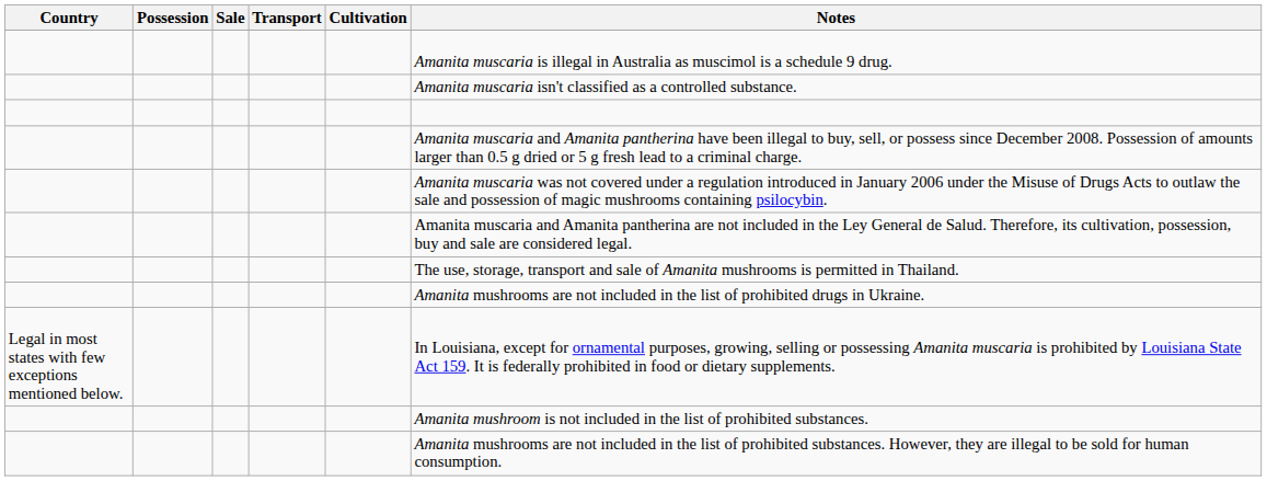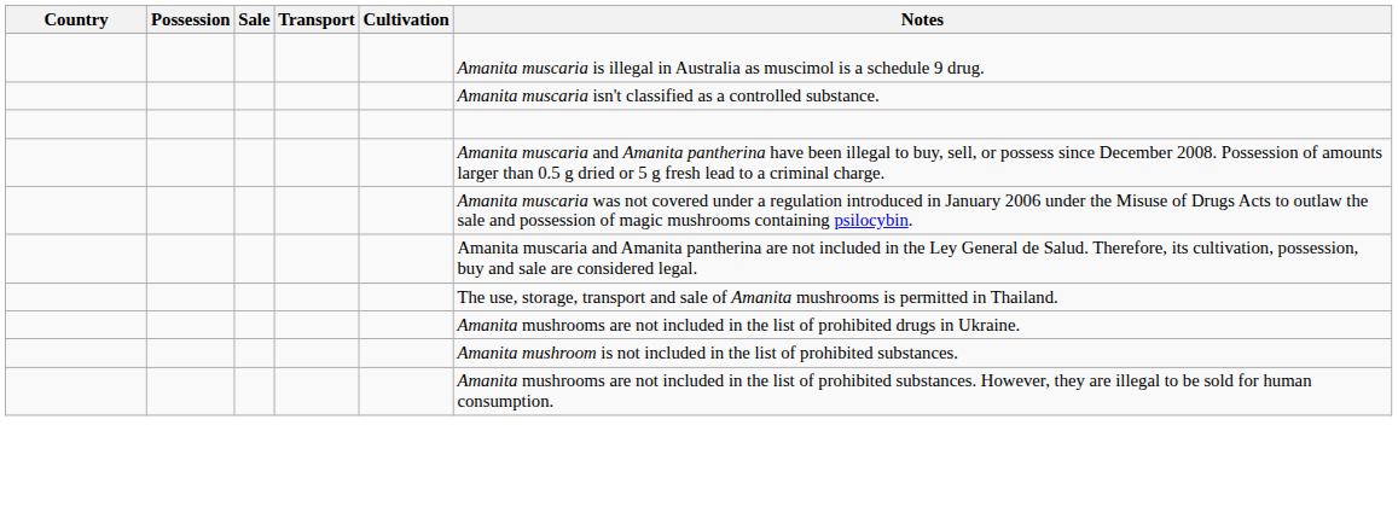 <table class="wikitable sortable" style="text-align:left">
 <tr>
 <th style="width:120px;"><strong>Country</strong></th>
 <th><strong>Possession</strong></th>
 <th><strong>Sale</strong></th>
 <th><strong>Transport</strong></th>
 <th><strong>Cultivation</strong></th>
 <th><strong>Notes</strong></th>
 </tr>
 <tr>
 </tr>
 <tr>
 <td><br><strong></strong></td>
 <td></td>
 <td></td>
 <td></td>
 <td></td>
 <td><br><em>Amanita muscaria</em> is illegal in Australia as muscimol is a schedule 9 drug.</td>
 </tr>
 <tr>
 <td><br><strong></strong></td>
 <td></td>
 <td></td>
 <td></td>
 <td></td>
 <td><em>Amanita muscaria</em> isn't classified as a controlled substance.</td>
 </tr>
 <tr>
 <td><br><strong></strong></td>
 <td></td>
 <td></td>
 <td></td>
 <td></td>
 <td></td>
 </tr>
 <tr>
 <td><br><strong></strong></td>
 <td></td>
 <td></td>
 <td></td>
 <td></td>
 <td><em>Amanita muscaria</em> and <em>Amanita pantherina</em> have been illegal to buy, sell, or possess since December 2008. Possession of amounts larger than 0.5 g dried or 5 g fresh lead to a criminal charge.</td>
 </tr>
 <tr>
 <td><br><strong></strong></td>
 <td></td>
 <td></td>
 <td></td>
 <td></td>
 <td><em>Amanita muscaria</em> was not covered under a regulation introduced in January 2006 under the Misuse of Drugs Acts to outlaw the sale and possession of magic mushrooms containing <a href='#'>psilocybin</a>.</td>
 </tr>
 <tr>
 <td><br><strong></strong></td>
 <td></td>
 <td></td>
 <td></td>
 <td></td>
 <td>Amanita muscaria and Amanita pantherina are not included in the Ley General de Salud. Therefore, its cultivation, possession, buy and sale are considered legal.</td>
 </tr>
 <tr>
 <td><br><strong></strong></td>
 <td></td>
 <td></td>
 <td></td>
 <td></td>
 <td>The use, storage, transport and sale of <em>Amanita</em> mushrooms is permitted in Thailand.</td>
 </tr>
 <tr>
 <td><br><strong></strong></td>
 <td></td>
 <td></td>
 <td></td>
 <td></td>
 <td><em>Amanita</em> mushrooms are not included in the list of prohibited drugs in Ukraine.</td>
 </tr>
 <tr>
-<td><br><strong></strong> Legal in most states with few exceptions mentioned below.</td>
-<td></td>
-<td></td>
-<td></td>
-<td></td>
-<td>In Louisiana, except for <a href='#'>ornamental</a> purposes, growing, selling or possessing <em>Amanita muscaria</em> is prohibited by <a href='#'>Louisiana State Act 159</a>. It is federally prohibited in food or dietary supplements.</td>
-</tr>
-<tr>
 <td><br><strong></strong></td>
 <td></td>
 <td></td>
 <td></td>
 <td></td>
 <td><em>Amanita mushroom</em> is not included in the list of prohibited substances.</td>
 </tr>
 <tr>
 <td><br><strong></strong></td>
 <td></td>
 <td></td>
 <td></td>
 <td></td>
 <td><em>Amanita</em> mushrooms are not included in the list of prohibited substances. However, they are illegal to be sold for human consumption. </td>
 </tr>
 </table>
